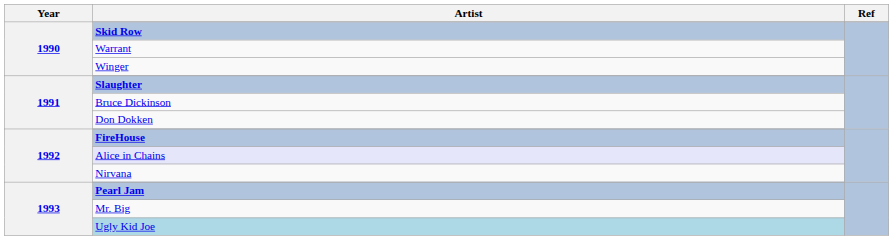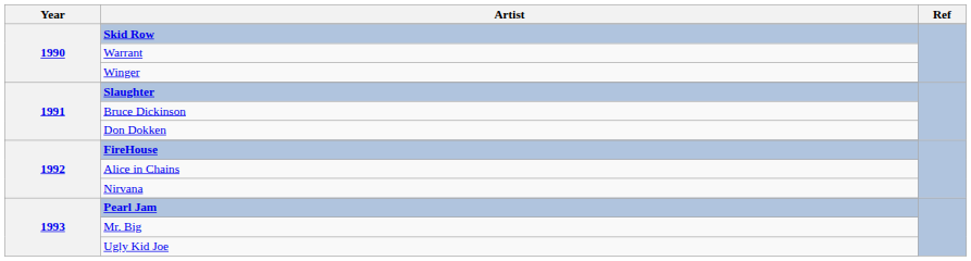 <table class="wikitable" width="100%">
 <tr>
 <th width="10%">Year</th>
 <th width="85%">Artist</th>
 <th width="5%">Ref</th>
 </tr>
 <tr>
 <th rowspan="4" align="center"><a href='#'>1990<br></a></th>
 </tr>
 <tr style="background:#B0C4DE">
 <td><strong><a href='#'>Skid Row</a></strong></td>
 <td rowspan="4" align="center"></td>
 </tr>
 <tr>
 <td><a href='#'>Warrant</a></td>
 </tr>
 <tr>
 <td><a href='#'>Winger</a></td>
 </tr>
 <tr>
 <th rowspan="4" align="center"><a href='#'>1991<br></a></th>
 </tr>
 <tr style="background:#B0C4DE">
 <td><strong><a href='#'>Slaughter</a></strong></td>
 <td rowspan="4" align="center"></td>
 </tr>
 <tr>
 <td><a href='#'>Bruce Dickinson</a></td>
 </tr>
 <tr>
 <td><a href='#'>Don Dokken</a></td>
 </tr>
 <tr>
 <th rowspan="4" align="center"><a href='#'>1992<br></a></th>
 </tr>
 <tr style="background:#B0C4DE">
 <td><strong><a href='#'>FireHouse</a></strong></td>
 <td rowspan="4" align="center"></td>
 </tr>
 <tr>
-<td style="background: lavender;"><a href='#'>Alice in Chains</a></td>
+<td><a href='#'>Alice in Chains</a></td>
 </tr>
 <tr>
 <td><a href='#'>Nirvana</a></td>
 </tr>
 <tr>
 <th rowspan="4" align="center"><a href='#'>1993<br></a></th>
 </tr>
 <tr style="background:#B0C4DE">
 <td><strong><a href='#'>Pearl Jam</a></strong></td>
 <td rowspan="4" align="center"></td>
 </tr>
 <tr>
 <td><a href='#'>Mr. Big</a></td>
 </tr>
 <tr>
-<td style="background: lightblue;"><a href='#'>Ugly Kid Joe</a></td>
+<td><a href='#'>Ugly Kid Joe</a></td>
 </tr>
 </table>
